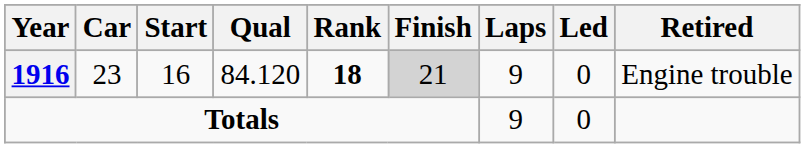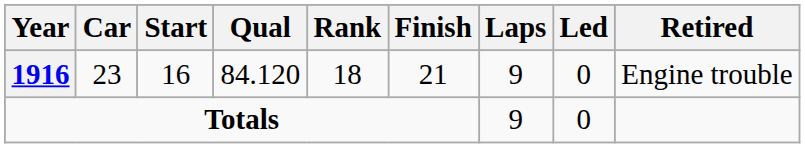 <table class="wikitable" style="text-align:center">
 <tr>
 <th>Year</th>
 <th>Car</th>
 <th>Start</th>
 <th>Qual</th>
 <th>Rank</th>
 <th>Finish</th>
 <th>Laps</th>
 <th>Led</th>
 <th>Retired</th>
 </tr>
 <tr>
 <th><a href='#'>1916</a></th>
 <td>23</td>
 <td>16</td>
 <td>84.120</td>
-<td><strong>18</strong></td>
-<td style="background: lightgrey;">21</td>
+<td>18</td>
+<td>21</td>
 <td>9</td>
 <td>0</td>
 <td>Engine trouble</td>
 </tr>
 <tr>
 <td colspan=6><strong>Totals</strong></td>
 <td>9</td>
 <td>0</td>
 <td></td>
 </tr>
 </table>
